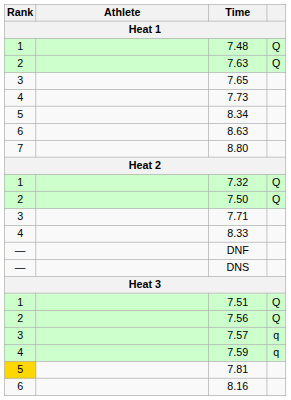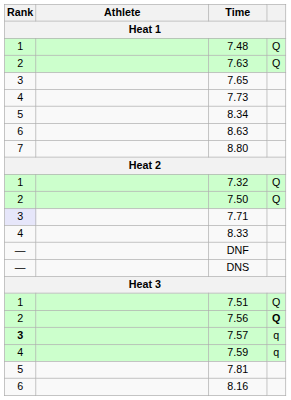 <table class=wikitable style="text-align:center">
 <tr>
 <th width=40>Rank</th>
 <th width=250>Athlete</th>
 <th width=80>Time</th>
 <th width=20></th>
 </tr>
 <tr>
 <th colspan=4>Heat 1</th>
 </tr>
 <tr bgcolor="ccffcc">
 <td>1</td>
 <td align=left></td>
 <td>7.48</td>
 <td>Q</td>
 </tr>
 <tr bgcolor="ccffcc">
 <td>2</td>
 <td align=left></td>
 <td>7.63</td>
 <td>Q</td>
 </tr>
 <tr>
 <td>3</td>
 <td align=left></td>
 <td>7.65</td>
 <td></td>
 </tr>
 <tr>
 <td>4</td>
 <td align=left></td>
 <td>7.73</td>
 <td></td>
 </tr>
 <tr>
 <td>5</td>
 <td align=left></td>
 <td>8.34</td>
 <td></td>
 </tr>
 <tr>
 <td>6</td>
 <td align=left></td>
 <td>8.63</td>
 <td></td>
 </tr>
 <tr>
 <td>7</td>
 <td align=left></td>
 <td>8.80</td>
 <td></td>
 </tr>
 <tr>
 <th colspan=4>Heat 2</th>
 </tr>
 <tr bgcolor="ccffcc">
 <td>1</td>
 <td align=left></td>
 <td>7.32</td>
 <td>Q</td>
 </tr>
 <tr bgcolor="ccffcc">
 <td>2</td>
 <td align=left></td>
 <td>7.50</td>
 <td>Q</td>
 </tr>
 <tr>
-<td>3</td>
+<td style="background: lavender;">3</td>
 <td align=left></td>
 <td>7.71</td>
 <td></td>
 </tr>
 <tr>
 <td>4</td>
 <td align=left></td>
 <td>8.33</td>
 <td></td>
 </tr>
 <tr>
 <td>—</td>
 <td align=left></td>
 <td>DNF</td>
 <td></td>
 </tr>
 <tr>
 <td>—</td>
 <td align=left></td>
 <td>DNS</td>
 <td></td>
 </tr>
 <tr>
 <th colspan=4>Heat 3</th>
 </tr>
 <tr bgcolor="ccffcc">
 <td>1</td>
 <td align=left></td>
 <td>7.51</td>
 <td>Q</td>
 </tr>
 <tr bgcolor="ccffcc">
 <td>2</td>
 <td align=left></td>
 <td>7.56</td>
-<td>Q</td>
+<td><strong>Q</strong></td>
 </tr>
 <tr bgcolor="ccffcc">
-<td>3</td>
+<td><strong>3</strong></td>
 <td align=left></td>
 <td>7.57</td>
 <td>q</td>
 </tr>
 <tr bgcolor="ccffcc">
 <td>4</td>
 <td align=left></td>
 <td>7.59</td>
 <td>q</td>
 </tr>
 <tr>
-<td style="background: gold;">5</td>
+<td>5</td>
 <td align=left></td>
 <td>7.81</td>
 <td></td>
 </tr>
 <tr>
 <td>6</td>
 <td align=left></td>
 <td>8.16</td>
 <td></td>
 </tr>
 </table>
